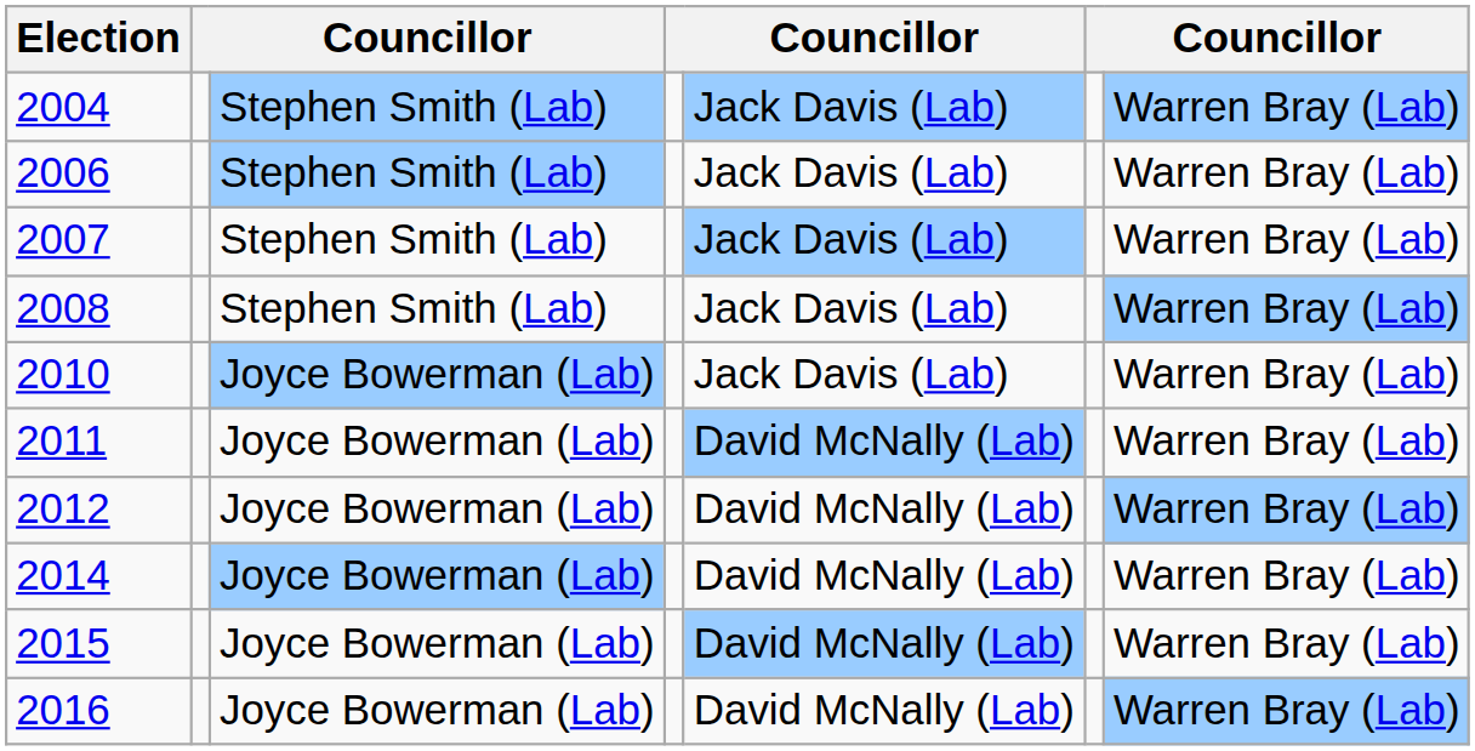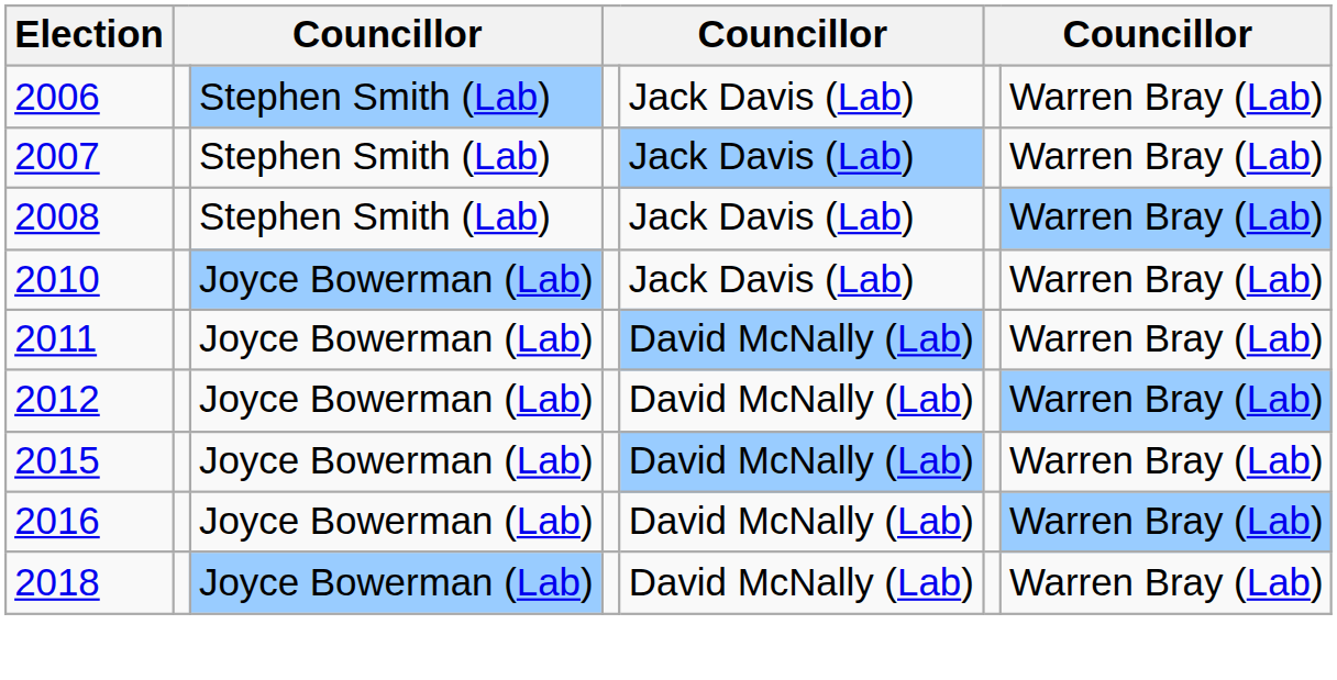 <table class="wikitable">
 <tr>
 <th>Election</th>
 <th colspan="2">Councillor</th>
 <th colspan="2">Councillor</th>
 <th colspan="2">Councillor</th>
-</tr>
-<tr>
-<td><a href='#'>2004</a></td>
-<td style="background-color: "></td>
-<td bgcolor="#99CCFF">Stephen Smith (<a href='#'>Lab</a>)</td>
-<td style="background-color: "></td>
-<td bgcolor="#99CCFF">Jack Davis (<a href='#'>Lab</a>)</td>
-<td style="background-color: "></td>
-<td bgcolor="#99CCFF">Warren Bray (<a href='#'>Lab</a>)</td>
 </tr>
 <tr>
 <td><a href='#'>2006</a></td>
 <td style="background-color: "></td>
 <td bgcolor="#99CCFF">Stephen Smith (<a href='#'>Lab</a>)</td>
 <td style="background-color: "></td>
 <td>Jack Davis (<a href='#'>Lab</a>)</td>
 <td style="background-color: "></td>
 <td>Warren Bray (<a href='#'>Lab</a>)</td>
 </tr>
 <tr>
 <td><a href='#'>2007</a></td>
 <td style="background-color: "></td>
 <td>Stephen Smith (<a href='#'>Lab</a>)</td>
 <td style="background-color: "></td>
 <td bgcolor="#99CCFF">Jack Davis (<a href='#'>Lab</a>)</td>
 <td style="background-color: "></td>
 <td>Warren Bray (<a href='#'>Lab</a>)</td>
 </tr>
 <tr>
 <td><a href='#'>2008</a></td>
 <td style="background-color: "></td>
 <td>Stephen Smith (<a href='#'>Lab</a>)</td>
 <td style="background-color: "></td>
 <td>Jack Davis (<a href='#'>Lab</a>)</td>
 <td style="background-color: "></td>
 <td bgcolor="#99CCFF">Warren Bray (<a href='#'>Lab</a>)</td>
 </tr>
 <tr>
 <td><a href='#'>2010</a></td>
 <td style="background-color: "></td>
 <td bgcolor="#99CCFF">Joyce Bowerman (<a href='#'>Lab</a>)</td>
 <td style="background-color: "></td>
 <td>Jack Davis (<a href='#'>Lab</a>)</td>
 <td style="background-color: "></td>
 <td>Warren Bray (<a href='#'>Lab</a>)</td>
 </tr>
 <tr>
 <td><a href='#'>2011</a></td>
 <td style="background-color: "></td>
 <td>Joyce Bowerman (<a href='#'>Lab</a>)</td>
 <td style="background-color: "></td>
 <td bgcolor="#99CCFF">David McNally (<a href='#'>Lab</a>)</td>
 <td style="background-color: "></td>
 <td>Warren Bray (<a href='#'>Lab</a>)</td>
 </tr>
 <tr>
 <td><a href='#'>2012</a></td>
 <td style="background-color: "></td>
 <td>Joyce Bowerman (<a href='#'>Lab</a>)</td>
 <td style="background-color: "></td>
 <td>David McNally (<a href='#'>Lab</a>)</td>
 <td style="background-color: "></td>
 <td bgcolor="#99CCFF">Warren Bray (<a href='#'>Lab</a>)</td>
 </tr>
 <tr>
-<td><a href='#'>2014</a></td>
-<td style="background-color: "></td>
-<td bgcolor="#99CCFF">Joyce Bowerman (<a href='#'>Lab</a>)</td>
-<td style="background-color: "></td>
-<td>David McNally (<a href='#'>Lab</a>)</td>
-<td style="background-color: "></td>
-<td>Warren Bray (<a href='#'>Lab</a>)</td>
-</tr>
-<tr>
 <td><a href='#'>2015</a></td>
 <td style="background-color: "></td>
 <td>Joyce Bowerman (<a href='#'>Lab</a>)</td>
 <td style="background-color: "></td>
 <td bgcolor="#99CCFF">David McNally (<a href='#'>Lab</a>)</td>
 <td style="background-color: "></td>
 <td>Warren Bray (<a href='#'>Lab</a>)</td>
 </tr>
 <tr>
 <td><a href='#'>2016</a></td>
 <td style="background-color: "></td>
 <td>Joyce Bowerman (<a href='#'>Lab</a>)</td>
 <td style="background-color: "></td>
 <td>David McNally (<a href='#'>Lab</a>)</td>
 <td style="background-color: "></td>
 <td bgcolor="#99CCFF">Warren Bray (<a href='#'>Lab</a>)</td>
 </tr>
+<tr>
+<td><a href='#'>2018</a></td>
+<td style="background-color: "></td>
+<td bgcolor="#99CCFF">Joyce Bowerman (<a href='#'>Lab</a>)</td>
+<td style="background-color: "></td>
+<td>David McNally (<a href='#'>Lab</a>)</td>
+<td style="background-color: "></td>
+<td>Warren Bray (<a href='#'>Lab</a>)</td>
+</tr>
 </table>
